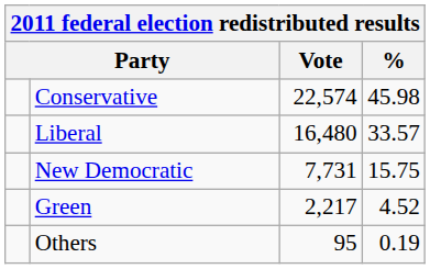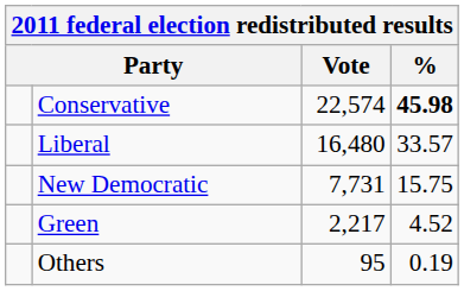 <table class="wikitable">
 <tr>
 <th colspan="4"><a href='#'>2011 federal election</a> redistributed results</th>
 </tr>
 <tr>
 <th bgcolor="#DDDDFF" width="130px" colspan="2">Party</th>
 <th bgcolor="#DDDDFF" width="50px">Vote</th>
 <th bgcolor="#DDDDFF" width="30px">%</th>
 </tr>
 <tr>
 <td> </td>
 <td><a href='#'>Conservative</a></td>
 <td align=right>22,574</td>
-<td align=right>45.98</td>
+<td align=right><strong>45.98</strong></td>
 </tr>
 <tr>
 <td> </td>
 <td><a href='#'>Liberal</a></td>
 <td align=right>16,480</td>
 <td align=right>33.57</td>
 </tr>
 <tr>
 <td> </td>
 <td><a href='#'>New Democratic</a></td>
 <td align=right>7,731</td>
 <td align=right>15.75</td>
 </tr>
 <tr>
 <td> </td>
 <td><a href='#'>Green</a></td>
 <td align=right>2,217</td>
 <td align=right>4.52</td>
 </tr>
 <tr>
 <td> </td>
 <td>Others</td>
 <td align=right>95</td>
 <td align=right>0.19</td>
 </tr>
 </table>
